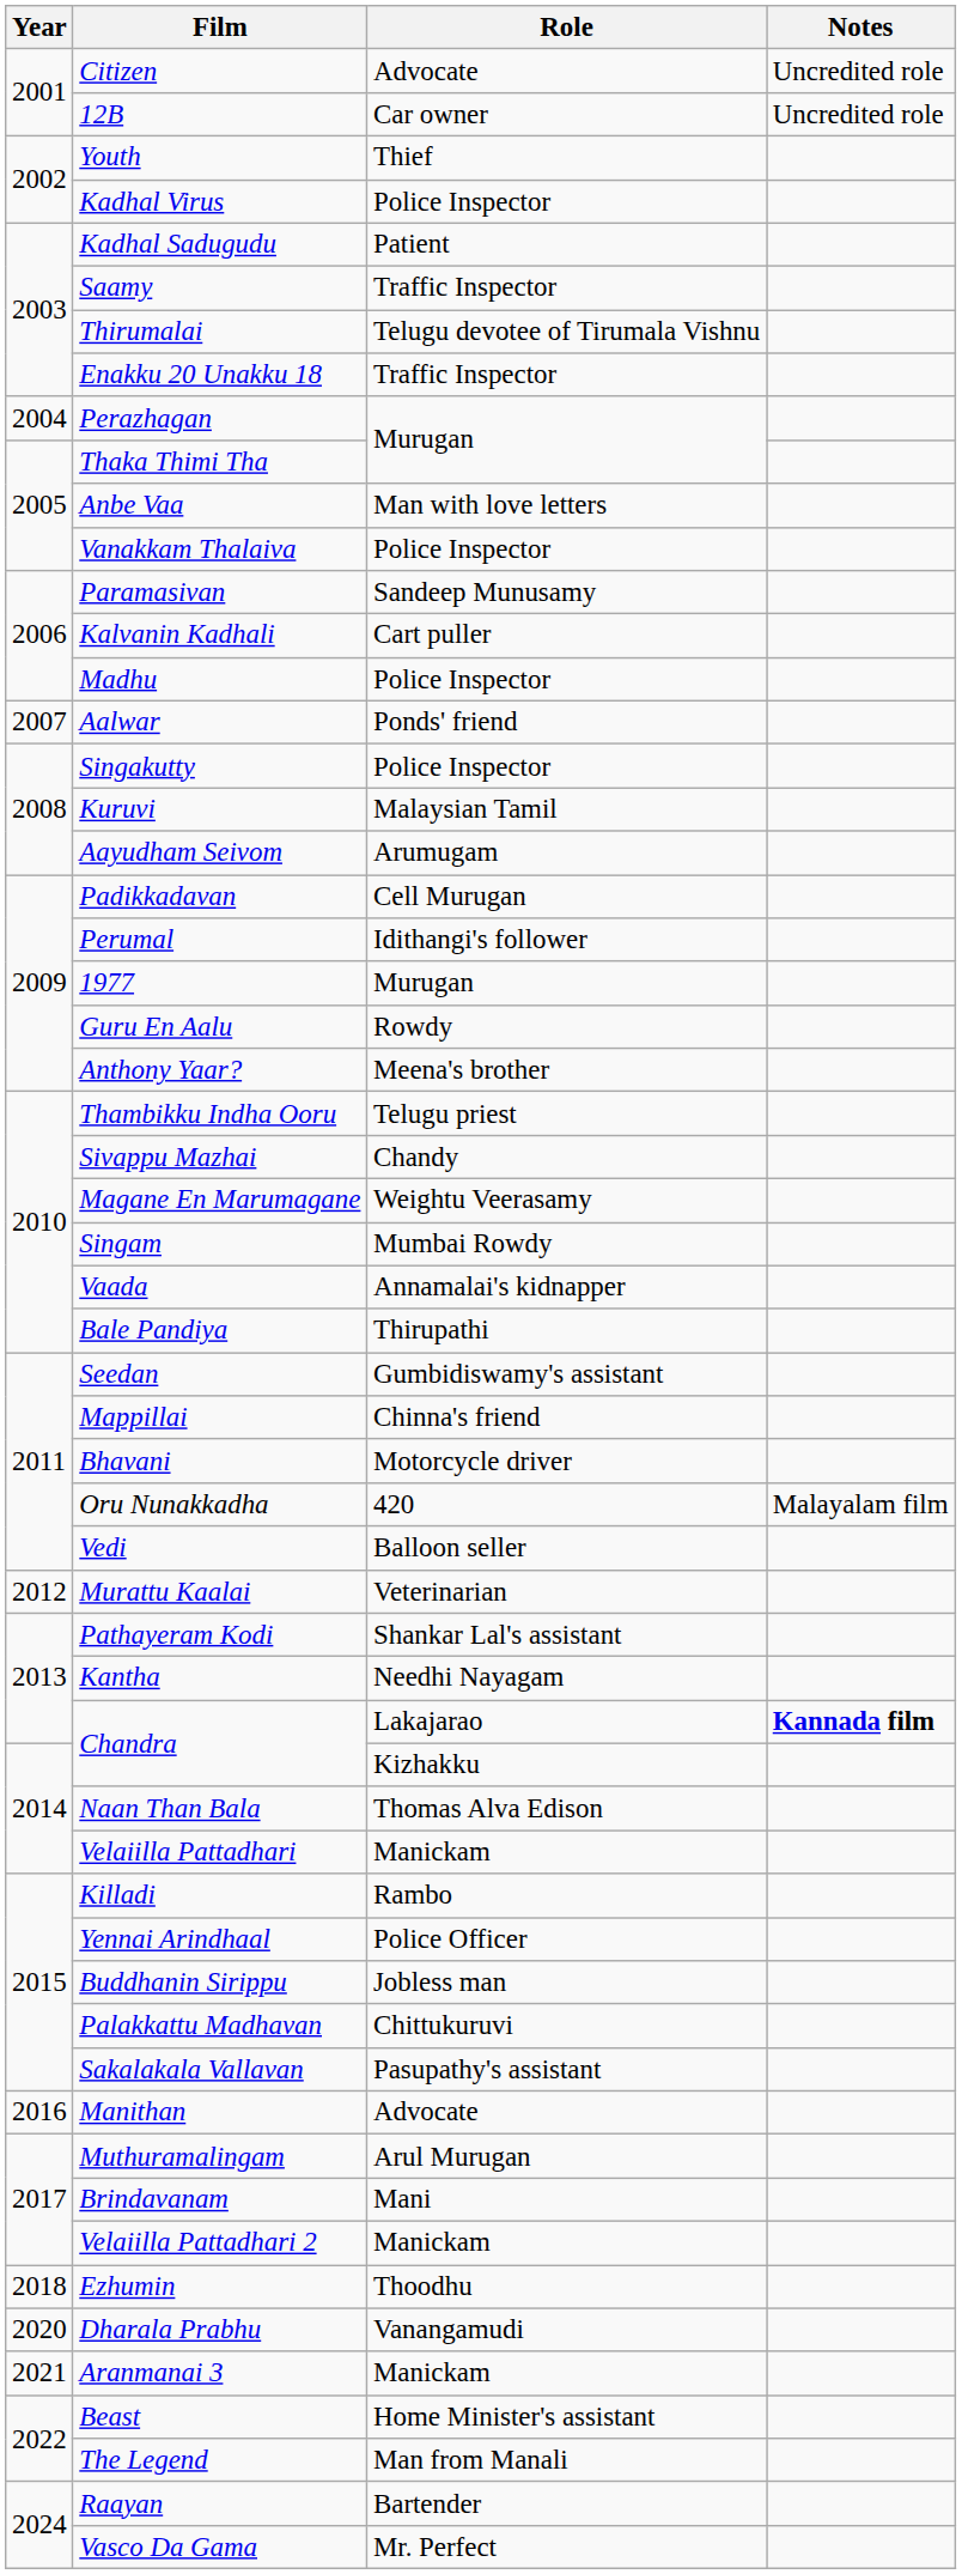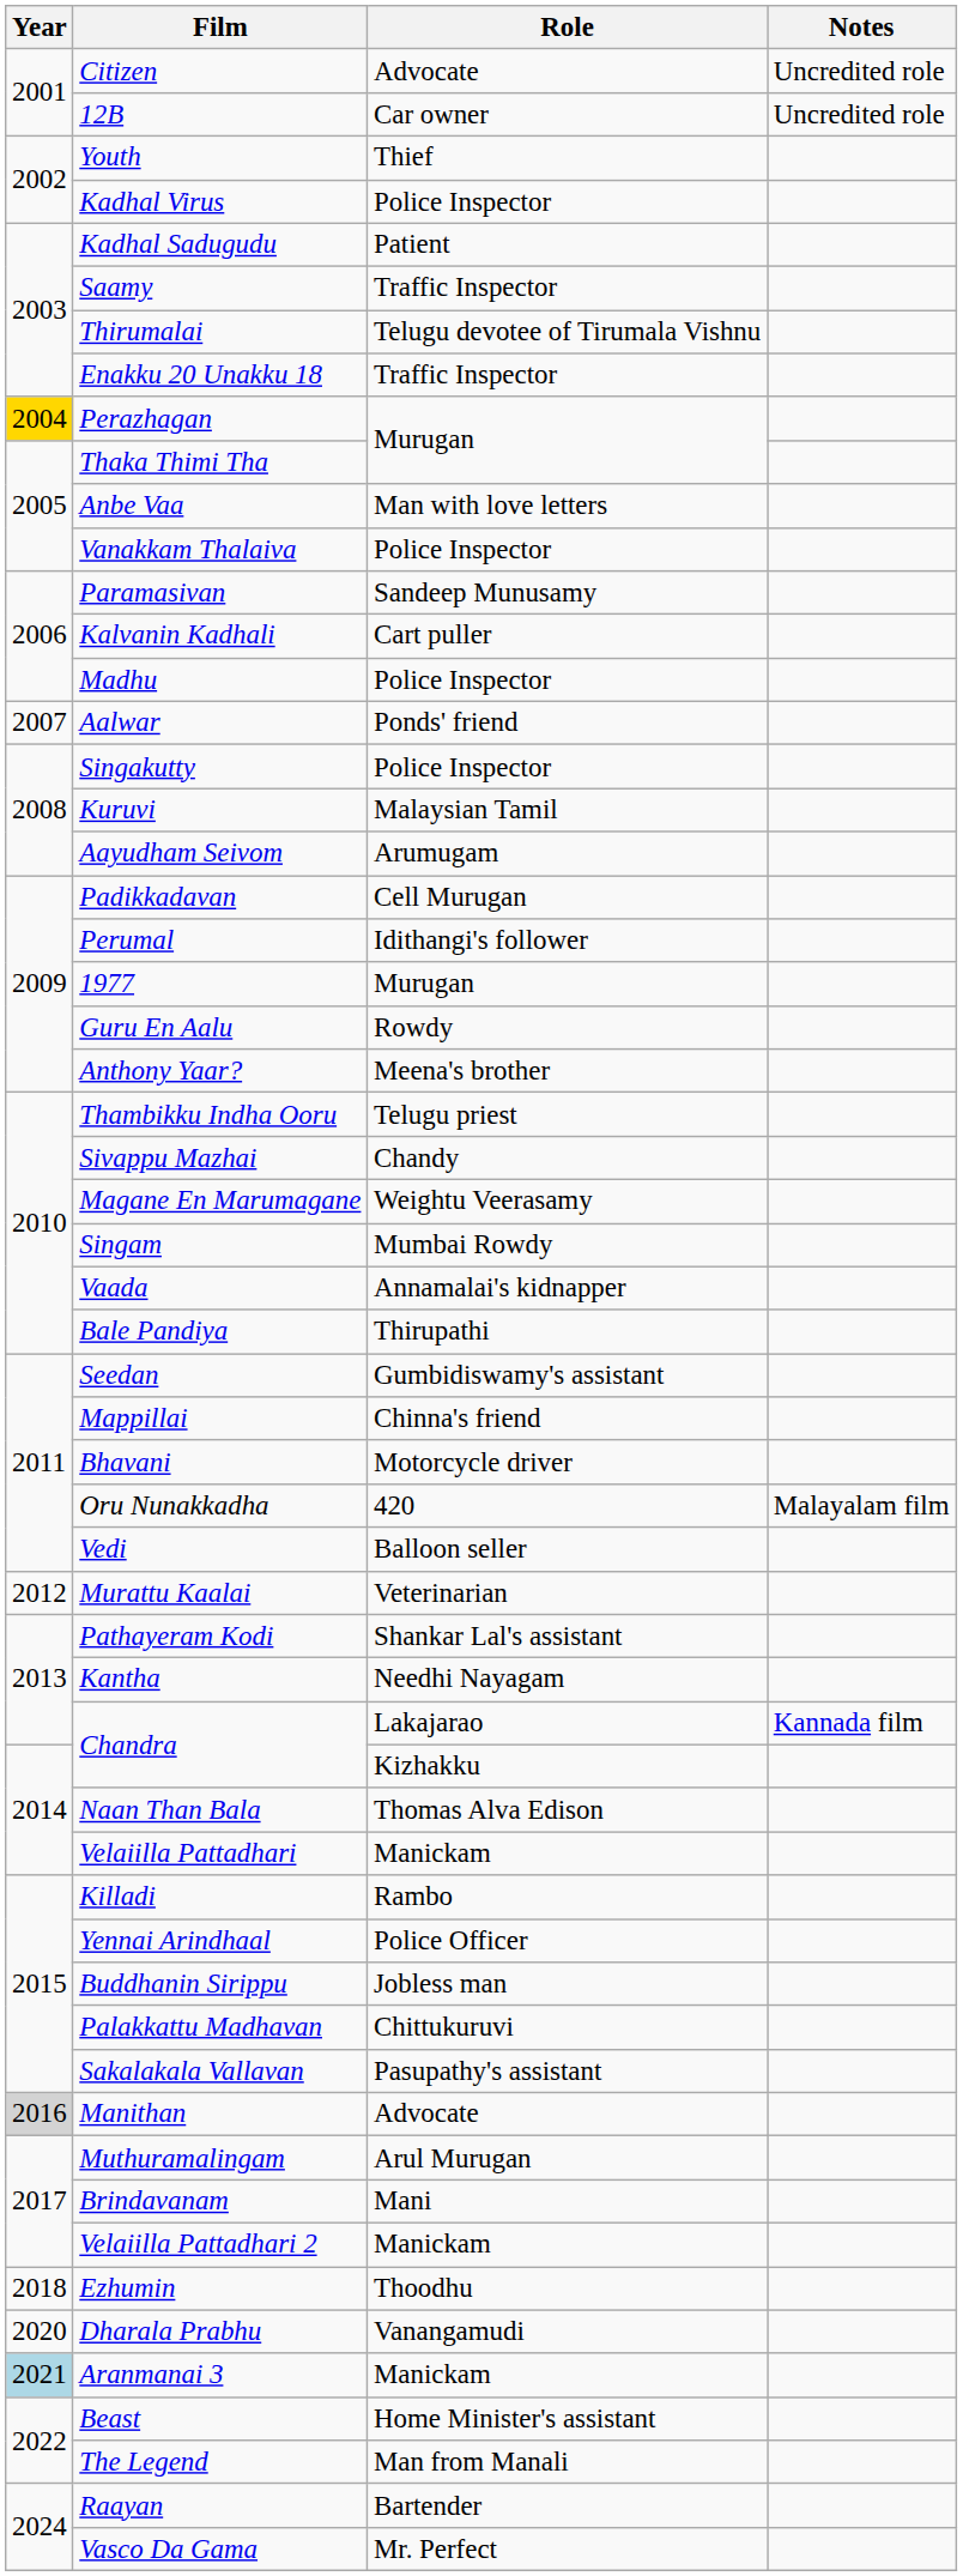 <table class="wikitable sortable">
 <tr>
 <th>Year</th>
 <th>Film</th>
 <th>Role</th>
 <th>Notes</th>
 </tr>
 <tr>
 <td rowspan="2">2001</td>
 <td><em><a href='#'>Citizen</a></em></td>
 <td>Advocate</td>
 <td>Uncredited role</td>
 </tr>
 <tr>
 <td><em><a href='#'>12B</a></em></td>
 <td>Car owner</td>
 <td>Uncredited role</td>
 </tr>
 <tr>
 <td rowspan="2">2002</td>
 <td><em><a href='#'>Youth</a></em></td>
 <td>Thief</td>
 <td></td>
 </tr>
 <tr>
 <td><em><a href='#'>Kadhal Virus</a></em></td>
 <td>Police Inspector</td>
 <td></td>
 </tr>
 <tr>
 <td rowspan="4">2003</td>
 <td><em><a href='#'>Kadhal Sadugudu</a></em></td>
 <td>Patient</td>
 <td></td>
 </tr>
 <tr>
 <td><em><a href='#'>Saamy</a></em></td>
 <td>Traffic Inspector</td>
 <td></td>
 </tr>
 <tr>
 <td><em><a href='#'>Thirumalai</a></em></td>
 <td>Telugu devotee of Tirumala Vishnu</td>
 <td></td>
 </tr>
 <tr>
 <td><em><a href='#'>Enakku 20 Unakku 18</a></em></td>
 <td>Traffic Inspector</td>
 <td></td>
 </tr>
 <tr>
-<td>2004</td>
+<td style="background: gold;">2004</td>
 <td><em><a href='#'>Perazhagan</a></em></td>
 <td rowspan="2">Murugan</td>
 <td></td>
 </tr>
 <tr>
 <td rowspan="3">2005</td>
 <td><em><a href='#'>Thaka Thimi Tha</a></em></td>
 <td></td>
 </tr>
 <tr>
 <td><em><a href='#'>Anbe Vaa</a></em></td>
 <td>Man with love letters</td>
 <td></td>
 </tr>
 <tr>
 <td><em><a href='#'>Vanakkam Thalaiva</a></em></td>
 <td>Police Inspector</td>
 <td></td>
 </tr>
 <tr>
 <td rowspan="3">2006</td>
 <td><em><a href='#'>Paramasivan</a></em></td>
 <td>Sandeep Munusamy</td>
 <td></td>
 </tr>
 <tr>
 <td><em><a href='#'>Kalvanin Kadhali</a></em></td>
 <td>Cart puller</td>
 <td></td>
 </tr>
 <tr>
 <td><em><a href='#'>Madhu</a></em></td>
 <td>Police Inspector</td>
 <td></td>
 </tr>
 <tr>
 <td>2007</td>
 <td><em><a href='#'>Aalwar</a></em></td>
 <td>Ponds' friend</td>
 <td></td>
 </tr>
 <tr>
 <td rowspan="3">2008</td>
 <td><em><a href='#'>Singakutty</a></em></td>
 <td>Police Inspector</td>
 <td></td>
 </tr>
 <tr>
 <td><em><a href='#'>Kuruvi</a></em></td>
 <td>Malaysian Tamil</td>
 <td></td>
 </tr>
 <tr>
 <td><em><a href='#'>Aayudham Seivom</a></em></td>
 <td>Arumugam</td>
 <td></td>
 </tr>
 <tr>
 <td rowspan="5">2009</td>
 <td><em><a href='#'>Padikkadavan</a></em></td>
 <td>Cell Murugan</td>
 <td></td>
 </tr>
 <tr>
 <td><em><a href='#'>Perumal</a></em></td>
 <td>Idithangi's follower</td>
 <td></td>
 </tr>
 <tr>
 <td><em><a href='#'>1977</a></em></td>
 <td>Murugan</td>
 <td></td>
 </tr>
 <tr>
 <td><em><a href='#'>Guru En Aalu</a></em></td>
 <td>Rowdy</td>
 <td></td>
 </tr>
 <tr>
 <td><em><a href='#'>Anthony Yaar?</a></em></td>
 <td>Meena's brother</td>
 <td></td>
 </tr>
 <tr>
 <td rowspan="6">2010</td>
 <td><em><a href='#'>Thambikku Indha Ooru</a></em></td>
 <td>Telugu priest</td>
 <td></td>
 </tr>
 <tr>
 <td><em><a href='#'>Sivappu Mazhai</a></em></td>
 <td>Chandy</td>
 <td></td>
 </tr>
 <tr>
 <td><em><a href='#'>Magane En Marumagane</a></em></td>
 <td>Weightu Veerasamy</td>
 <td></td>
 </tr>
 <tr>
 <td><em><a href='#'>Singam</a></em></td>
 <td>Mumbai Rowdy</td>
 <td></td>
 </tr>
 <tr>
 <td><em><a href='#'>Vaada</a></em></td>
 <td>Annamalai's kidnapper</td>
 <td></td>
 </tr>
 <tr>
 <td><em><a href='#'>Bale Pandiya</a></em></td>
 <td>Thirupathi</td>
 <td></td>
 </tr>
 <tr>
 <td rowspan="5">2011</td>
 <td><em><a href='#'>Seedan</a></em></td>
 <td>Gumbidiswamy's assistant</td>
 <td></td>
 </tr>
 <tr>
 <td><em><a href='#'>Mappillai</a></em></td>
 <td>Chinna's friend</td>
 <td></td>
 </tr>
 <tr>
 <td><em><a href='#'>Bhavani</a></em></td>
 <td>Motorcycle driver</td>
 <td></td>
 </tr>
 <tr>
 <td><em>Oru Nunakkadha</em></td>
 <td>420</td>
 <td>Malayalam film</td>
 </tr>
 <tr>
 <td><em><a href='#'>Vedi</a></em></td>
 <td>Balloon seller</td>
 <td></td>
 </tr>
 <tr>
 <td>2012</td>
 <td><em><a href='#'>Murattu Kaalai</a></em></td>
 <td>Veterinarian</td>
 <td></td>
 </tr>
 <tr>
 <td rowspan="3">2013</td>
 <td><em><a href='#'>Pathayeram Kodi</a></em></td>
 <td>Shankar Lal's assistant</td>
 <td></td>
 </tr>
 <tr>
 <td><em><a href='#'>Kantha</a></em></td>
 <td>Needhi Nayagam</td>
 <td></td>
 </tr>
 <tr>
 <td rowspan="2"><em><a href='#'>Chandra</a></em></td>
 <td>Lakajarao</td>
-<td><strong><a href='#'>Kannada</a> film</strong></td>
+<td><a href='#'>Kannada</a> film</td>
 </tr>
 <tr>
 <td rowspan="3">2014</td>
 <td>Kizhakku</td>
 <td></td>
 </tr>
 <tr>
 <td><em><a href='#'>Naan Than Bala</a></em></td>
 <td>Thomas Alva Edison</td>
 <td></td>
 </tr>
 <tr>
 <td><em><a href='#'>Velaiilla Pattadhari</a></em></td>
 <td>Manickam</td>
 <td></td>
 </tr>
 <tr>
 <td rowspan="5">2015</td>
 <td><em><a href='#'>Killadi</a></em></td>
 <td>Rambo</td>
 <td></td>
 </tr>
 <tr>
 <td><em><a href='#'>Yennai Arindhaal</a></em></td>
 <td>Police Officer</td>
 <td></td>
 </tr>
 <tr>
 <td><em><a href='#'>Buddhanin Sirippu</a></em></td>
 <td>Jobless man</td>
 <td></td>
 </tr>
 <tr>
 <td><em><a href='#'>Palakkattu Madhavan</a></em></td>
 <td>Chittukuruvi</td>
 <td></td>
 </tr>
 <tr>
 <td><em><a href='#'>Sakalakala Vallavan</a></em></td>
 <td>Pasupathy's assistant</td>
 <td></td>
 </tr>
 <tr>
-<td>2016</td>
+<td style="background: lightgrey;">2016</td>
 <td><em><a href='#'>Manithan</a></em></td>
 <td>Advocate</td>
 <td></td>
 </tr>
 <tr>
 <td rowspan="3">2017</td>
 <td><em><a href='#'>Muthuramalingam</a></em></td>
 <td>Arul Murugan</td>
 <td></td>
 </tr>
 <tr>
 <td><em><a href='#'>Brindavanam</a></em></td>
 <td>Mani</td>
 <td></td>
 </tr>
 <tr>
 <td><em><a href='#'>Velaiilla Pattadhari 2</a></em></td>
 <td>Manickam</td>
 <td></td>
 </tr>
 <tr>
 <td>2018</td>
 <td><em><a href='#'>Ezhumin</a></em></td>
 <td>Thoodhu</td>
 <td></td>
 </tr>
 <tr>
 <td>2020</td>
 <td><em><a href='#'>Dharala Prabhu</a></em></td>
 <td>Vanangamudi</td>
 <td></td>
 </tr>
 <tr>
-<td>2021</td>
+<td style="background: lightblue;">2021</td>
 <td><em><a href='#'>Aranmanai 3</a></em></td>
 <td>Manickam</td>
 <td></td>
 </tr>
 <tr>
 <td rowspan="2">2022</td>
 <td><em><a href='#'>Beast</a></em></td>
 <td>Home Minister's assistant</td>
 <td></td>
 </tr>
 <tr>
 <td><em><a href='#'>The Legend</a></em></td>
 <td>Man from Manali</td>
 <td></td>
 </tr>
 <tr>
 <td rowspan="2">2024</td>
 <td><em><a href='#'>Raayan</a></em></td>
 <td>Bartender</td>
 <td></td>
 </tr>
 <tr>
 <td><em><a href='#'>Vasco Da Gama</a></em></td>
 <td>Mr. Perfect</td>
 <td></td>
 </tr>
 <tr>
 </tr>
 </table>
